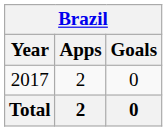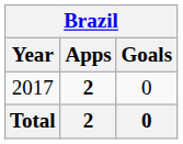 <table class="wikitable" style="text-align:center">
 <tr>
 <th colspan=4><a href='#'>Brazil</a></th>
 </tr>
 <tr>
 <th>Year</th>
 <th>Apps</th>
 <th>Goals</th>
 </tr>
 <tr>
 <td>2017</td>
-<td>2</td>
+<td><strong>2</strong></td>
 <td>0</td>
 </tr>
 <tr>
 <th>Total</th>
 <th>2</th>
 <th>0</th>
 </tr>
 </table>
